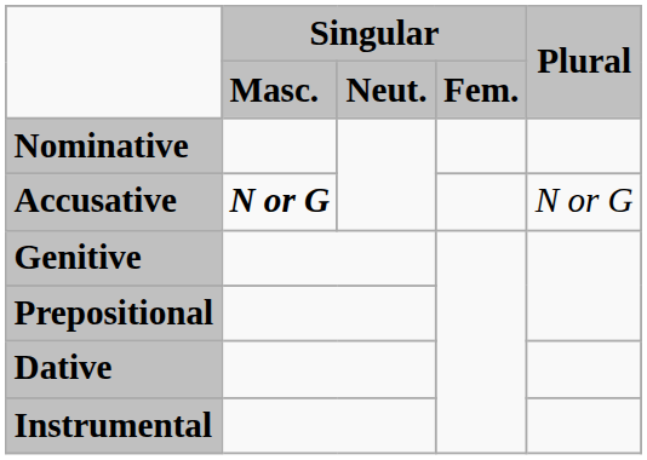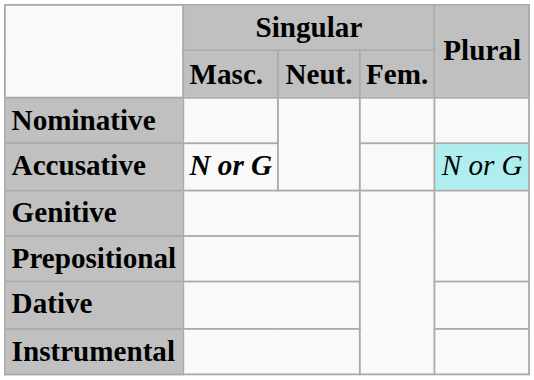 <table class="wikitable">
 <tr>
 <td rowspan=2></td>
 <td style="background:#C0C0C0" colspan="3" align="center"><strong>Singular</strong></td>
 <td style="background:#C0C0C0" rowspan="2" align="center" valign="center"><strong>Plural</strong></td>
 </tr>
 <tr>
 <td style="background:#C0C0C0"><strong>Masc.</strong></td>
 <td style="background:#C0C0C0"><strong>Neut.</strong></td>
 <td style="background:#C0C0C0"><strong>Fem.</strong></td>
 </tr>
 <tr>
 <td style="background:#C0C0C0"><strong>Nominative</strong></td>
 <td></td>
 <td rowspan="2"></td>
 <td></td>
 <td></td>
 </tr>
 <tr>
 <td style="background:#C0C0C0"><strong>Accusative</strong></td>
 <td><strong><em>N or G</em></strong></td>
 <td></td>
-<td><em>N or G</em></td>
+<td style="background: paleturquoise;"><em>N or G</em></td>
 </tr>
 <tr>
 <td style="background:#C0C0C0"><strong>Genitive</strong></td>
 <td colspan="2"></td>
 <td rowspan="4"></td>
 <td rowspan="2"></td>
 </tr>
 <tr>
 <td style="background:#C0C0C0"><strong>Prepositional</strong></td>
 <td colspan="2"></td>
 </tr>
 <tr>
 <td style="background:#C0C0C0"><strong>Dative</strong></td>
 <td colspan="2"></td>
 <td></td>
 </tr>
 <tr>
 <td style="background:#C0C0C0"><strong>Instrumental</strong></td>
 <td colspan="2"></td>
 <td></td>
 </tr>
 </table>
